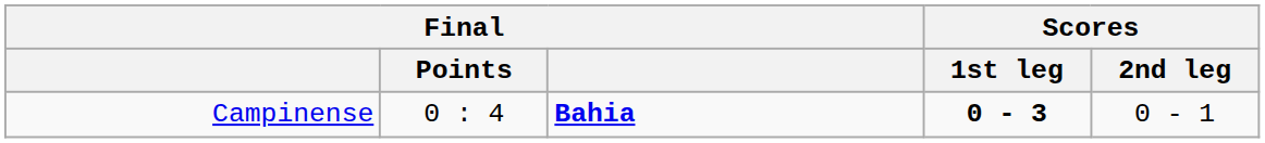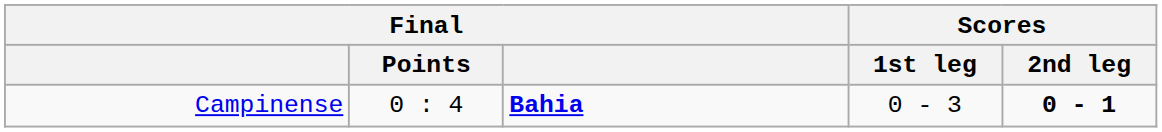 <table class="wikitable" style="text-align:center;">
 <tr>
 <th colspan=3>Final</th>
 <th colspan=3>Scores</th>
 </tr>
 <tr>
 <th width="175"></th>
 <th width="75">Points</th>
 <th width="175"></th>
 <th width="75">1st leg</th>
 <th width="75">2nd leg</th>
 </tr>
 <tr>
 <td align=right><a href='#'>Campinense</a></td>
 <td>0 : 4</td>
 <td align=left><strong><a href='#'>Bahia</a></strong></td>
-<td><strong>0 - 3</strong></td>
-<td>0 - 1</td>
+<td>0 - 3</td>
+<td><strong>0 - 1</strong></td>
 </tr>
 </table>
